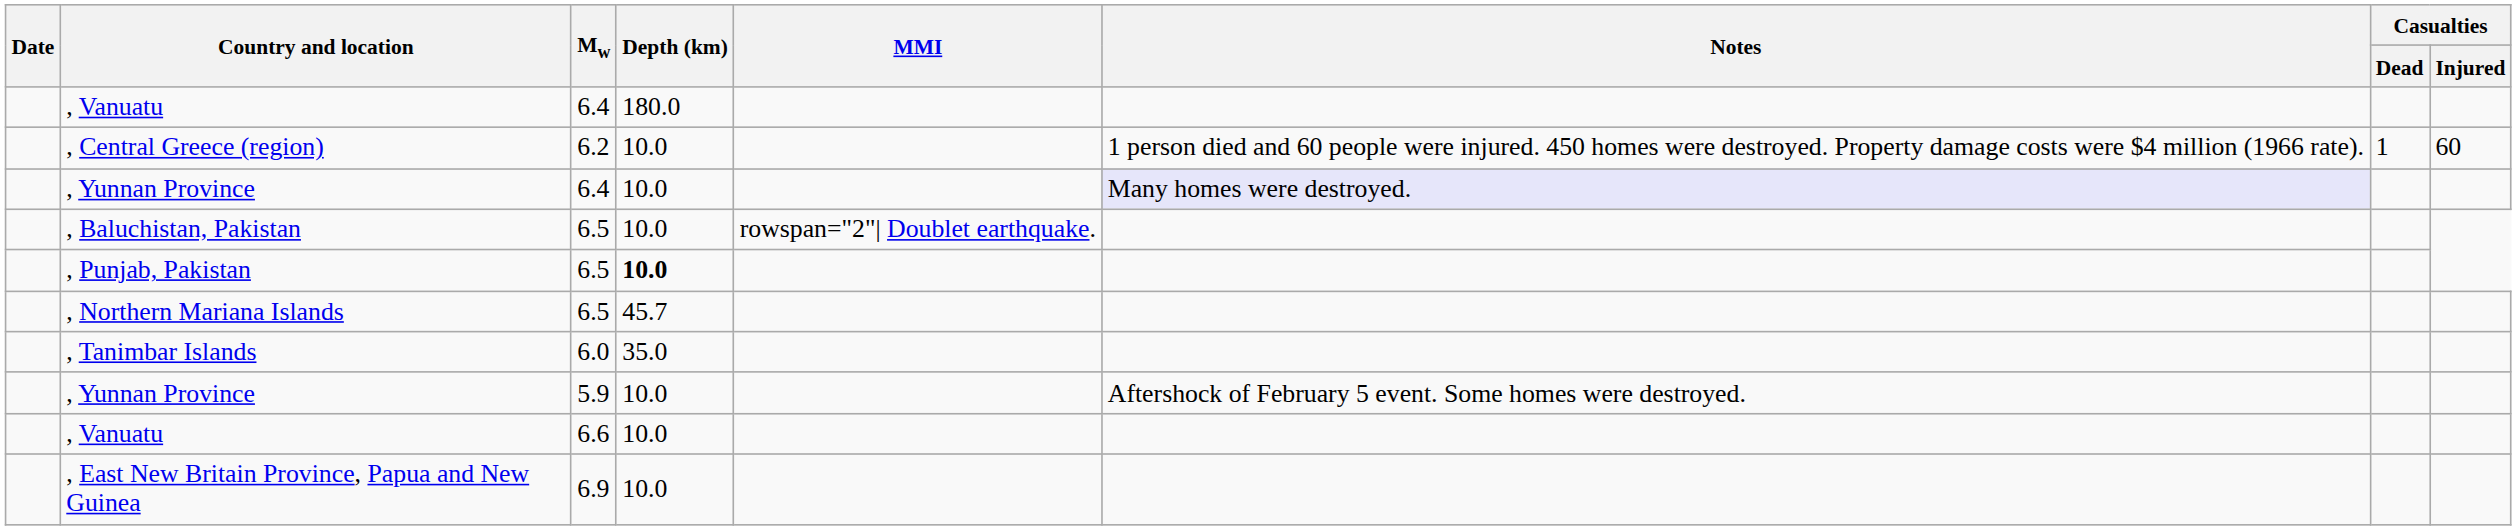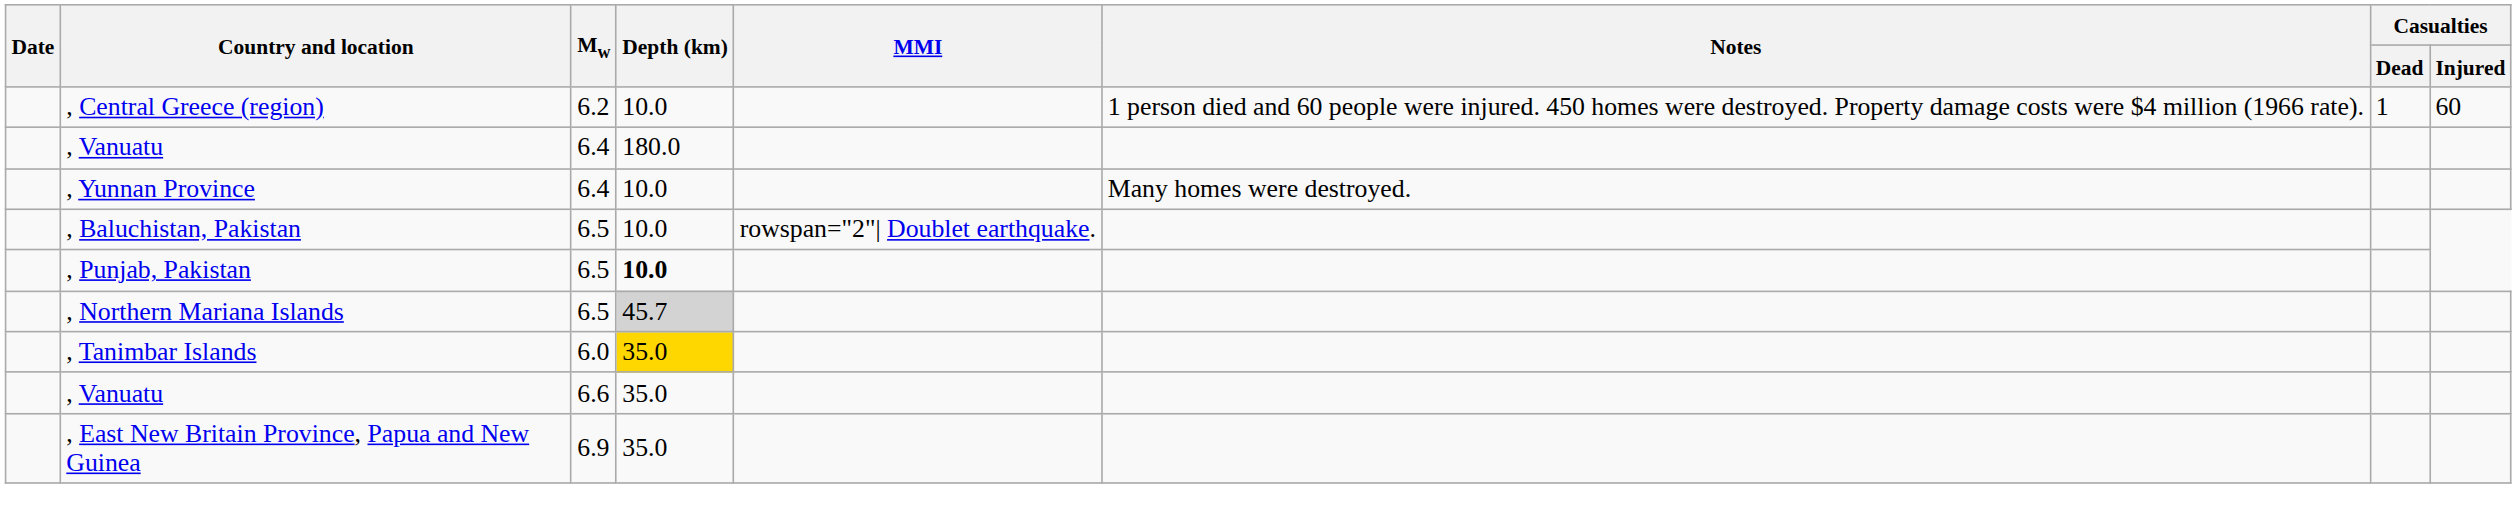 <table class="wikitable sortable sort-under" style="border:1px black; margin-left:1em;">
 <tr>
 <th rowspan="2"><small>Date</small></th>
 <th rowspan="2" style="width: 310px"><small>Country and location</small></th>
 <th rowspan="2"><small>M<sub>w</sub></small></th>
 <th rowspan="2"><small>Depth (km)</small></th>
 <th rowspan="2"><small><a href='#'>MMI</a></small></th>
 <th rowspan="2" class="unsortable"><small>Notes</small></th>
 <th colspan="2"><small>Casualties</small></th>
 </tr>
 <tr>
 <th><small>Dead</small></th>
 <th><small>Injured</small></th>
 </tr>
 <tr>
 <td></td>
+<td>, <a href='#'>Central Greece (region)</a></td>
+<td>6.2</td>
+<td>10.0</td>
+<td></td>
+<td>1 person died and 60 people were injured. 450 homes were destroyed. Property damage costs were $4 million (1966 rate).</td>
+<td>1</td>
+<td>60</td>
+</tr>
+<tr>
+<td></td>
 <td>, <a href='#'>Vanuatu</a></td>
 <td>6.4</td>
 <td>180.0</td>
 <td></td>
 <td></td>
 <td></td>
 <td></td>
 </tr>
 <tr>
 <td></td>
-<td>, <a href='#'>Central Greece (region)</a></td>
-<td>6.2</td>
-<td>10.0</td>
-<td></td>
-<td>1 person died and 60 people were injured. 450 homes were destroyed. Property damage costs were $4 million (1966 rate).</td>
-<td>1</td>
-<td>60</td>
-</tr>
-<tr>
-<td></td>
 <td>, <a href='#'>Yunnan Province</a></td>
 <td>6.4</td>
 <td>10.0</td>
 <td></td>
-<td style="background: lavender;">Many homes were destroyed.</td>
+<td>Many homes were destroyed.</td>
 <td></td>
 <td></td>
 </tr>
 <tr>
 <td></td>
 <td>, <a href='#'>Baluchistan, Pakistan</a></td>
 <td>6.5</td>
 <td>10.0</td>
 <td>rowspan="2"| <a href='#'>Doublet earthquake</a>.</td>
 <td></td>
 <td></td>
 </tr>
 <tr>
 <td></td>
 <td>, <a href='#'>Punjab, Pakistan</a></td>
 <td>6.5</td>
 <td><strong>10.0</strong></td>
 <td></td>
 <td></td>
 <td></td>
 </tr>
 <tr>
 <td></td>
 <td>, <a href='#'>Northern Mariana Islands</a></td>
 <td>6.5</td>
-<td>45.7</td>
+<td style="background: lightgrey;">45.7</td>
 <td></td>
 <td></td>
 <td></td>
 <td></td>
 </tr>
 <tr>
 <td></td>
 <td>, <a href='#'>Tanimbar Islands</a></td>
 <td>6.0</td>
-<td>35.0</td>
+<td style="background: gold;">35.0</td>
 <td></td>
 <td></td>
 <td></td>
 <td></td>
 </tr>
 <tr>
 <td></td>
-<td>, <a href='#'>Yunnan Province</a></td>
-<td>5.9</td>
-<td>10.0</td>
-<td></td>
-<td>Aftershock of February 5 event. Some homes were destroyed.</td>
-<td></td>
-<td></td>
-</tr>
-<tr>
-<td></td>
 <td>, <a href='#'>Vanuatu</a></td>
 <td>6.6</td>
-<td>10.0</td>
+<td>35.0</td>
 <td></td>
 <td></td>
 <td></td>
 <td></td>
 </tr>
 <tr>
 <td></td>
 <td>, <a href='#'>East New Britain Province</a>, <a href='#'>Papua and New Guinea</a></td>
 <td>6.9</td>
-<td>10.0</td>
+<td>35.0</td>
 <td></td>
 <td></td>
 <td></td>
 <td></td>
 </tr>
 </table>
